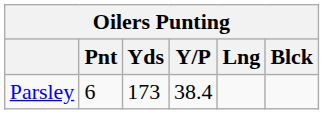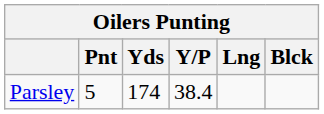 <table class="wikitable">
 <tr>
 <th colspan="6">Oilers Punting</th>
 </tr>
 <tr>
 <th></th>
 <th>Pnt</th>
 <th>Yds</th>
 <th>Y/P</th>
 <th>Lng</th>
 <th>Blck</th>
 </tr>
 <tr>
 <td><a href='#'>Parsley</a></td>
-<td>6</td>
-<td>173</td>
+<td>5</td>
+<td>174</td>
 <td>38.4</td>
 <td></td>
 <td></td>
 </tr>
 </table>
